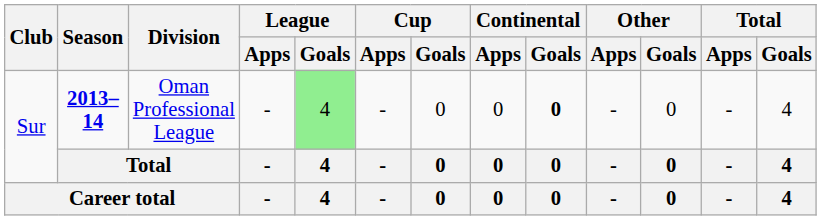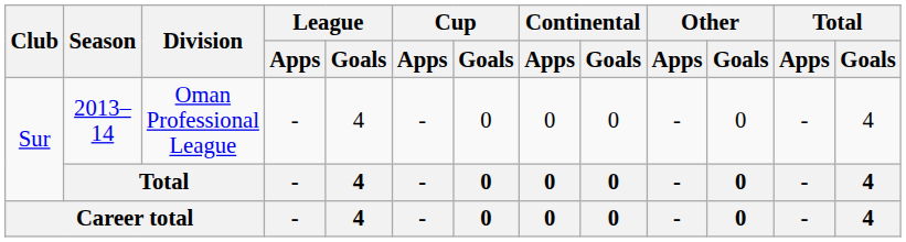 <table class="wikitable" style="text-align: center;">
 <tr>
 <th rowspan="2">Club</th>
 <th rowspan="2">Season</th>
 <th rowspan="2">Division</th>
 <th colspan="2">League</th>
 <th colspan="2">Cup</th>
 <th colspan="2">Continental</th>
 <th colspan="2">Other</th>
 <th colspan="2">Total</th>
 </tr>
 <tr>
 <th>Apps</th>
 <th>Goals</th>
 <th>Apps</th>
 <th>Goals</th>
 <th>Apps</th>
 <th>Goals</th>
 <th>Apps</th>
 <th>Goals</th>
 <th>Apps</th>
 <th>Goals</th>
 </tr>
 <tr>
 <td rowspan="2"><a href='#'>Sur</a></td>
-<td><strong><a href='#'>2013–14</a></strong></td>
+<td><a href='#'>2013–14</a></td>
 <td rowspan="1"><a href='#'>Oman Professional League</a></td>
 <td>-</td>
-<td style="background: lightgreen;">4</td>
+<td>4</td>
 <td>-</td>
 <td>0</td>
 <td>0</td>
-<td><strong>0</strong></td>
+<td>0</td>
 <td>-</td>
 <td>0</td>
 <td>-</td>
 <td>4</td>
 </tr>
 <tr>
 <th colspan="2">Total</th>
 <th>-</th>
 <th>4</th>
 <th>-</th>
 <th>0</th>
 <th>0</th>
 <th>0</th>
 <th>-</th>
 <th>0</th>
 <th>-</th>
 <th>4</th>
 </tr>
 <tr>
 <th colspan="3">Career total</th>
 <th>-</th>
 <th>4</th>
 <th>-</th>
 <th>0</th>
 <th>0</th>
 <th>0</th>
 <th>-</th>
 <th>0</th>
 <th>-</th>
 <th>4</th>
 </tr>
 </table>
